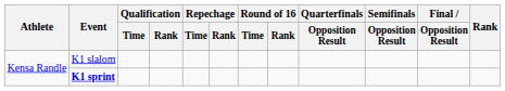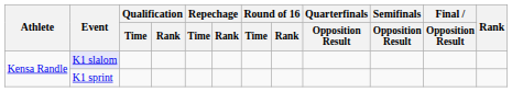 <table class="wikitable" style="font-size:90%;">
 <tr>
 <th rowspan=2>Athlete</th>
 <th rowspan=2>Event</th>
 <th colspan=2>Qualification</th>
 <th colspan=2>Repechage</th>
 <th colspan=2>Round of 16</th>
 <th>Quarterfinals</th>
 <th>Semifinals</th>
 <th>Final / </th>
 <th rowspan=2>Rank</th>
 </tr>
 <tr style="font-size:95%">
 <th>Time</th>
 <th>Rank</th>
 <th>Time</th>
 <th>Rank</th>
 <th>Time</th>
 <th>Rank</th>
 <th>Opposition <br>Result</th>
 <th>Opposition <br>Result</th>
 <th>Opposition <br>Result</th>
 </tr>
 <tr align=center>
 <td rowspan=2 align=left><a href='#'>Kensa Randle</a></td>
-<td align=left><a href='#'>K1 slalom</a></td>
+<td align=left style="background: lavender;"><a href='#'>K1 slalom</a></td>
 <td></td>
 <td></td>
 <td></td>
 <td></td>
 <td></td>
 <td></td>
 <td></td>
 <td></td>
 <td></td>
 <td></td>
 </tr>
 <tr>
-<td align=left><strong><a href='#'>K1 sprint</a></strong></td>
+<td align=left><a href='#'>K1 sprint</a></td>
 <td></td>
 <td></td>
 <td></td>
 <td></td>
 <td></td>
 <td></td>
 <td></td>
 <td></td>
 <td></td>
 <td></td>
 </tr>
 </table>
